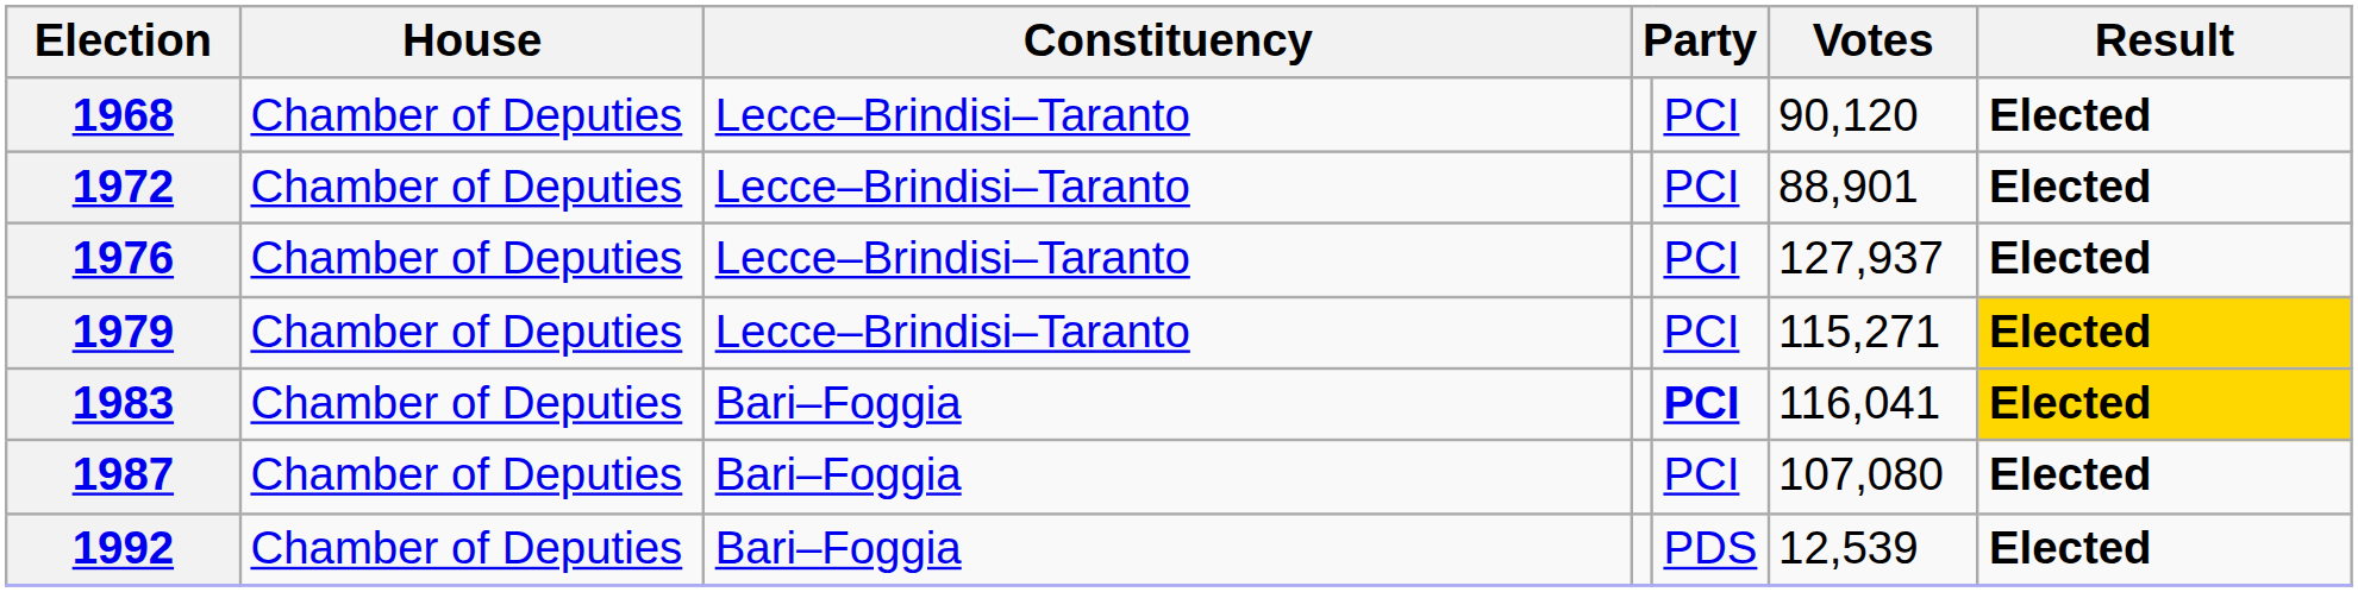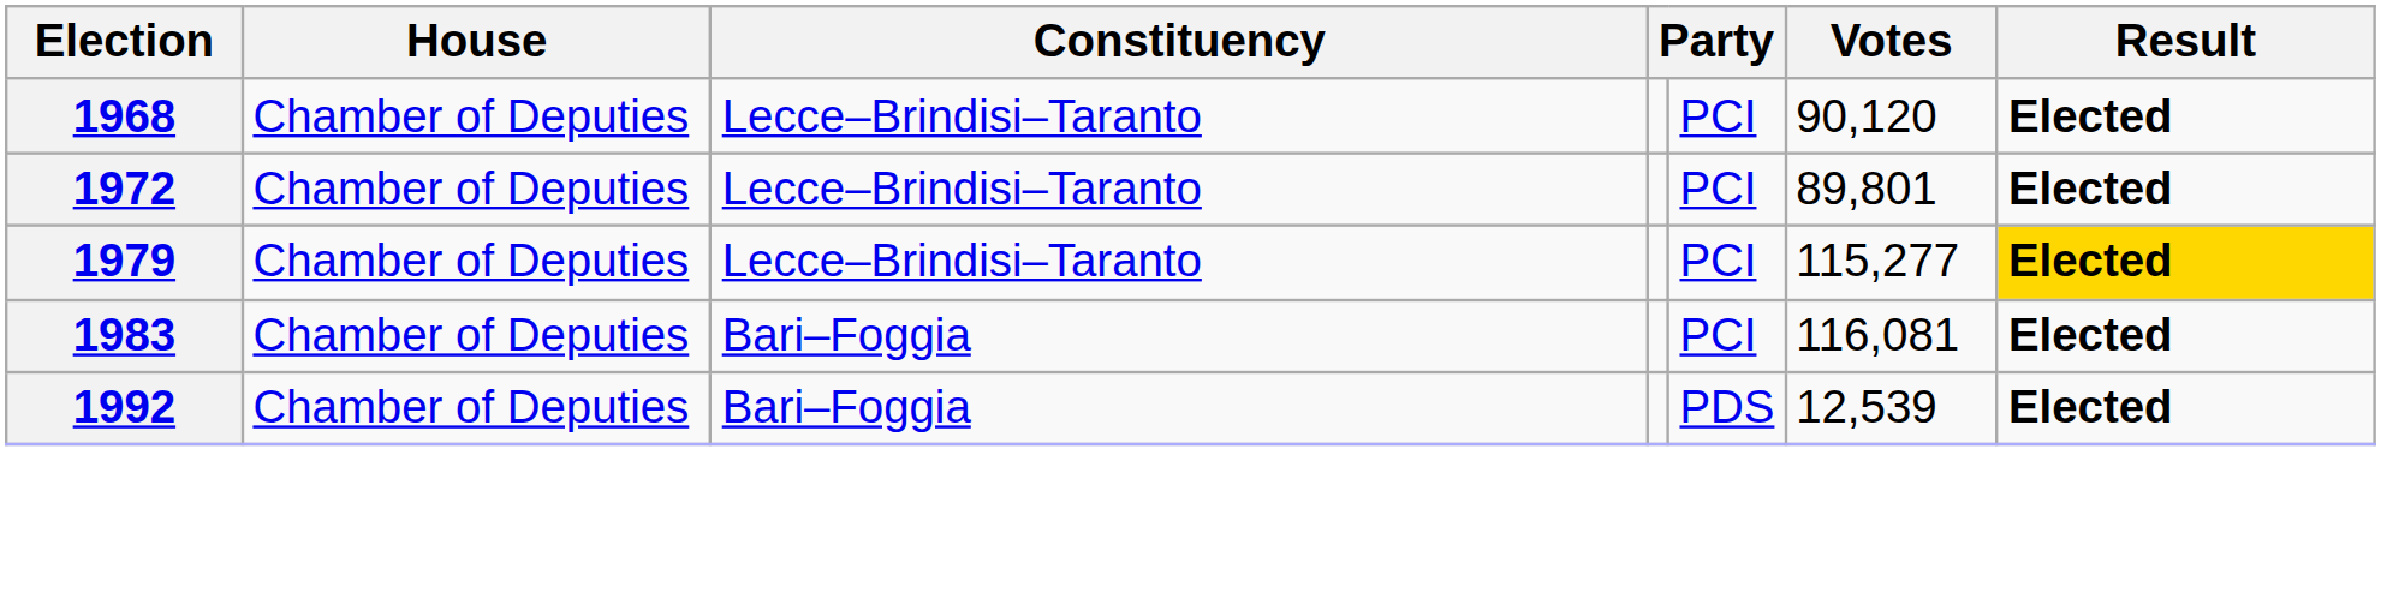 <table class=wikitable style="width:65%; border:1px #AAAAFF solid">
 <tr>
 <th width=10%>Election</th>
 <th width=20%>House</th>
 <th width=40%>Constituency</th>
 <th width=5% colspan="2">Party</th>
 <th width=9%>Votes</th>
 <th width=22%>Result</th>
 </tr>
 <tr>
 <th><a href='#'>1968</a></th>
 <td><a href='#'>Chamber of Deputies</a></td>
 <td><a href='#'>Lecce–Brindisi–Taranto</a></td>
 <td></td>
 <td><a href='#'>PCI</a></td>
 <td>90,120</td>
 <td> <strong>Elected</strong></td>
 </tr>
 <tr>
 <th><a href='#'>1972</a></th>
 <td><a href='#'>Chamber of Deputies</a></td>
 <td><a href='#'>Lecce–Brindisi–Taranto</a></td>
 <td></td>
 <td><a href='#'>PCI</a></td>
-<td>88,901</td>
-<td> <strong>Elected</strong></td>
-</tr>
-<tr>
-<th><a href='#'>1976</a></th>
-<td><a href='#'>Chamber of Deputies</a></td>
-<td><a href='#'>Lecce–Brindisi–Taranto</a></td>
-<td></td>
-<td><a href='#'>PCI</a></td>
-<td>127,937</td>
+<td>89,801</td>
 <td> <strong>Elected</strong></td>
 </tr>
 <tr>
 <th><a href='#'>1979</a></th>
 <td><a href='#'>Chamber of Deputies</a></td>
 <td><a href='#'>Lecce–Brindisi–Taranto</a></td>
 <td></td>
 <td><a href='#'>PCI</a></td>
-<td>115,271</td>
+<td>115,277</td>
 <td style="background: gold;"> <strong>Elected</strong></td>
 </tr>
 <tr>
 <th><a href='#'>1983</a></th>
 <td><a href='#'>Chamber of Deputies</a></td>
 <td><a href='#'>Bari–Foggia</a></td>
 <td></td>
-<td><strong><a href='#'>PCI</a></strong></td>
-<td>116,041</td>
-<td style="background: gold;"> <strong>Elected</strong></td>
-</tr>
-<tr>
-<th><a href='#'>1987</a></th>
-<td><a href='#'>Chamber of Deputies</a></td>
-<td><a href='#'>Bari–Foggia</a></td>
-<td></td>
 <td><a href='#'>PCI</a></td>
-<td>107,080</td>
+<td>116,081</td>
 <td> <strong>Elected</strong></td>
 </tr>
 <tr>
 <th><a href='#'>1992</a></th>
 <td><a href='#'>Chamber of Deputies</a></td>
 <td><a href='#'>Bari–Foggia</a></td>
 <td></td>
 <td><a href='#'>PDS</a></td>
 <td>12,539</td>
 <td> <strong>Elected</strong></td>
 </tr>
 <tr>
 </tr>
 </table>
